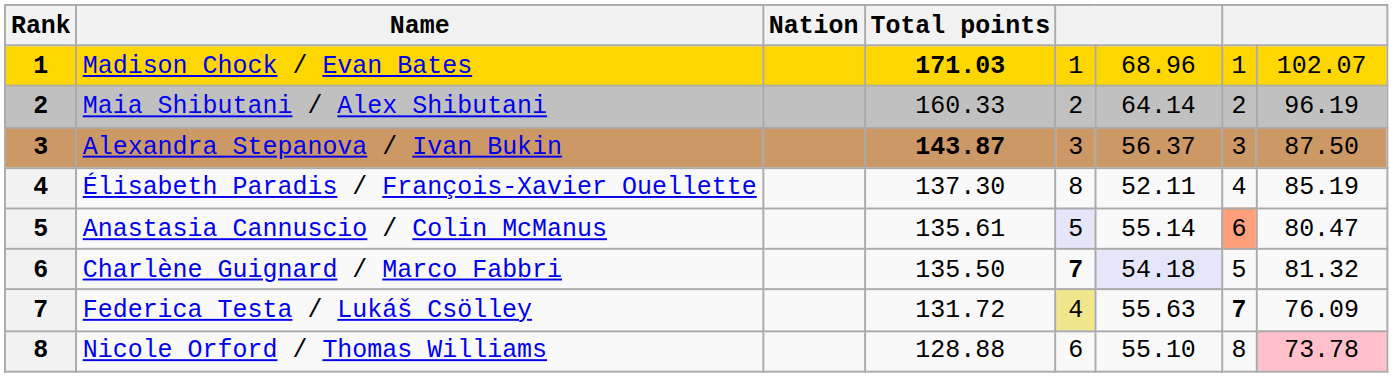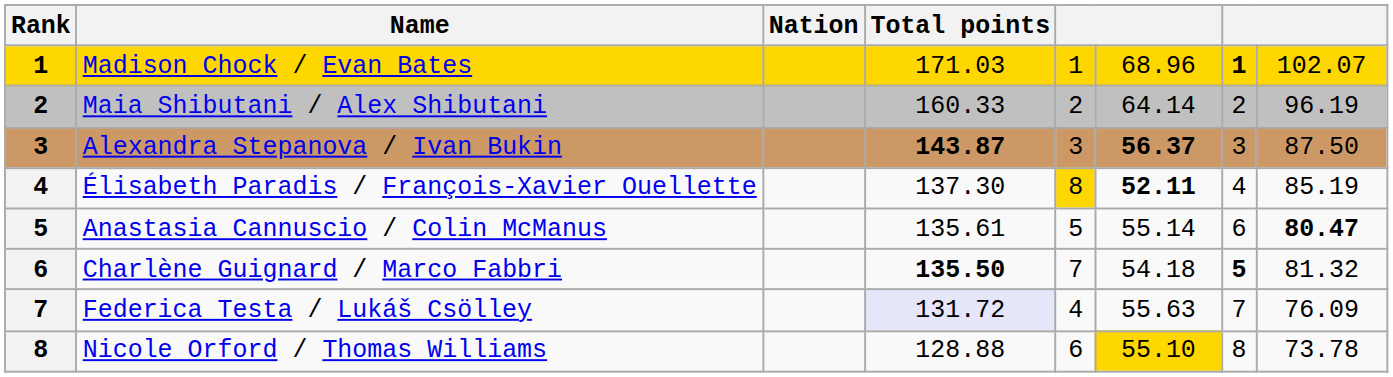 <table class="wikitable sortable">
 <tr>
 <th>Rank</th>
 <th>Name</th>
 <th>Nation</th>
 <th>Total points</th>
 <th colspan="2" width="80px"></th>
 <th colspan="2" width="80px"></th>
 </tr>
 <tr bgcolor="gold">
 <td align="center"><strong>1</strong></td>
 <td><a href='#'>Madison Chock</a> / <a href='#'>Evan Bates</a></td>
 <td></td>
-<td align="center"><strong>171.03</strong></td>
+<td align="center">171.03</td>
 <td align="center">1</td>
 <td align="center">68.96</td>
-<td align="center">1</td>
+<td align="center"><strong>1</strong></td>
 <td align="center">102.07</td>
 </tr>
 <tr bgcolor="silver">
 <td align="center"><strong>2</strong></td>
 <td><a href='#'>Maia Shibutani</a> / <a href='#'>Alex Shibutani</a></td>
 <td></td>
 <td align="center">160.33</td>
 <td align="center">2</td>
 <td align="center">64.14</td>
 <td align="center">2</td>
 <td align="center">96.19</td>
 </tr>
 <tr bgcolor="cc9966">
 <td align="center"><strong>3</strong></td>
 <td><a href='#'>Alexandra Stepanova</a> / <a href='#'>Ivan Bukin</a></td>
 <td></td>
 <td align="center"><strong>143.87</strong></td>
 <td align="center">3</td>
-<td align="center">56.37</td>
+<td align="center"><strong>56.37</strong></td>
 <td align="center">3</td>
 <td align="center">87.50</td>
 </tr>
 <tr>
 <th>4</th>
 <td><a href='#'>Élisabeth Paradis</a> / <a href='#'>François-Xavier Ouellette</a></td>
 <td></td>
 <td align="center">137.30</td>
-<td align="center">8</td>
-<td align="center">52.11</td>
+<td align="center" style="background: gold;">8</td>
+<td align="center"><strong>52.11</strong></td>
 <td align="center">4</td>
 <td align="center">85.19</td>
 </tr>
 <tr>
 <th>5</th>
 <td><a href='#'>Anastasia Cannuscio</a> / <a href='#'>Colin McManus</a></td>
 <td></td>
 <td align="center">135.61</td>
-<td align="center" style="background: lavender;">5</td>
+<td align="center">5</td>
 <td align="center">55.14</td>
-<td align="center" style="background: lightsalmon;">6</td>
-<td align="center">80.47</td>
+<td align="center">6</td>
+<td align="center"><strong>80.47</strong></td>
 </tr>
 <tr>
 <th>6</th>
 <td><a href='#'>Charlène Guignard</a> / <a href='#'>Marco Fabbri</a></td>
 <td></td>
-<td align="center">135.50</td>
-<td align="center"><strong>7</strong></td>
-<td align="center" style="background: lavender;">54.18</td>
-<td align="center">5</td>
+<td align="center"><strong>135.50</strong></td>
+<td align="center">7</td>
+<td align="center">54.18</td>
+<td align="center"><strong>5</strong></td>
 <td align="center">81.32</td>
 </tr>
 <tr>
 <th>7</th>
 <td><a href='#'>Federica Testa</a> / <a href='#'>Lukáš Csölley</a></td>
 <td></td>
-<td align="center">131.72</td>
-<td align="center" style="background: khaki;">4</td>
+<td align="center" style="background: lavender;">131.72</td>
+<td align="center">4</td>
 <td align="center">55.63</td>
-<td align="center"><strong>7</strong></td>
+<td align="center">7</td>
 <td align="center">76.09</td>
 </tr>
 <tr>
 <th>8</th>
 <td><a href='#'>Nicole Orford</a> / <a href='#'>Thomas Williams</a></td>
 <td></td>
 <td align="center">128.88</td>
 <td align="center">6</td>
-<td align="center">55.10</td>
+<td align="center" style="background: gold;">55.10</td>
 <td align="center">8</td>
-<td align="center" style="background: pink;">73.78</td>
+<td align="center">73.78</td>
 </tr>
 </table>
